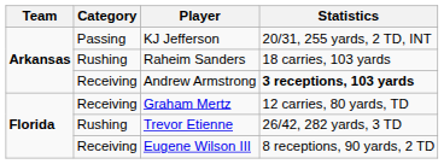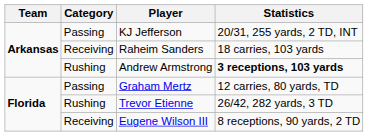 <table class="wikitable" style="float: right;">
 <tr>
 <th>Team</th>
 <th>Category</th>
 <th>Player</th>
 <th>Statistics</th>
 </tr>
 <tr>
 <td rowspan=3><strong>Arkansas</strong></td>
 <td>Passing</td>
 <td>KJ Jefferson</td>
 <td>20/31, 255 yards, 2 TD, INT</td>
 </tr>
 <tr>
-<td>Rushing</td>
+<td>Receiving</td>
 <td>Raheim Sanders</td>
 <td>18 carries, 103 yards</td>
 </tr>
 <tr>
-<td>Receiving</td>
+<td>Rushing</td>
 <td>Andrew Armstrong</td>
 <td><strong>3 receptions, 103 yards</strong></td>
 </tr>
 <tr>
 <td rowspan=3><strong>Florida</strong></td>
-<td>Receiving</td>
+<td>Passing</td>
 <td><a href='#'>Graham Mertz</a></td>
 <td>12 carries, 80 yards, TD</td>
 </tr>
 <tr>
 <td>Rushing</td>
 <td><a href='#'>Trevor Etienne</a></td>
 <td>26/42, 282 yards, 3 TD</td>
 </tr>
 <tr>
 <td>Receiving</td>
 <td><a href='#'>Eugene Wilson III</a></td>
 <td>8 receptions, 90 yards, 2 TD</td>
 </tr>
 </table>
